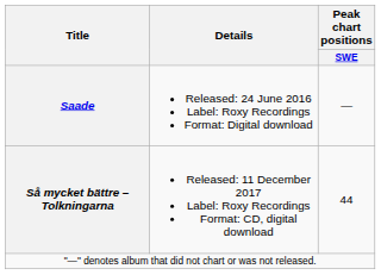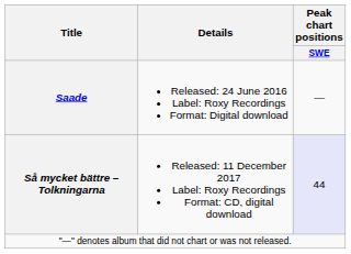 <table class="wikitable plainrowheaders" style="text-align:center;">
 <tr>
 <th scope="col" rowspan="2" style="width:12em;">Title</th>
 <th scope="col" rowspan="2" style="width:14em;">Details</th>
 <th scope="col" colspan="1">Peak chart positions</th>
 </tr>
 <tr>
 <th scope="col" style="width:3em;font-size:85%;"><a href='#'>SWE</a><br></th>
 </tr>
 <tr>
 <th scope="row"><em><a href='#'>Saade</a></em></th>
 <td><br><ul><li>Released: 24 June 2016</li><li>Label: Roxy Recordings</li><li>Format: Digital download</li></ul></td>
 <td>—</td>
 </tr>
 <tr>
 <th scope="row"><em>Så mycket bättre – Tolkningarna</em></th>
 <td><br><ul><li>Released: 11 December 2017</li><li>Label: Roxy Recordings</li><li>Format: CD, digital download</li></ul></td>
-<td>44</td>
+<td style="background: lavender;">44</td>
 </tr>
 <tr>
 <td colspan="16" style="text-align:center; font-size:85%;">"—" denotes album that did not chart or was not released.</td>
 </tr>
 </table>
